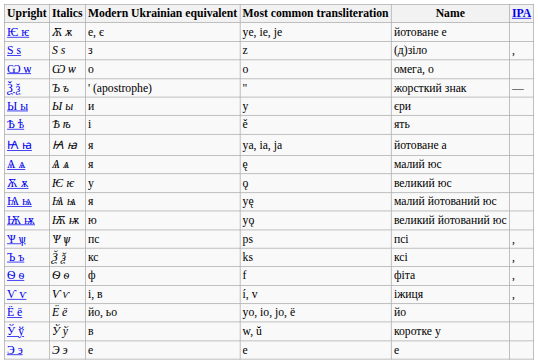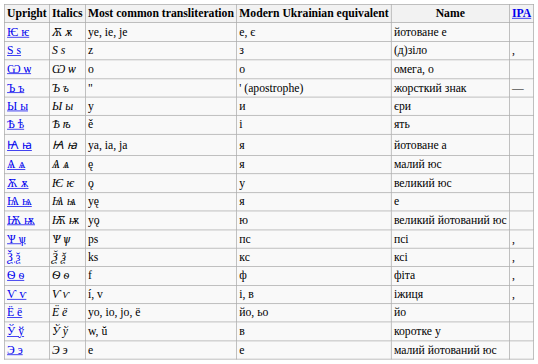 <table class="wikitable">
 <tr>
 <th>Upright</th>
 <th>Italics</th>
+<th>Most common transliteration</th>
 <th>Modern Ukrainian equivalent</th>
-<th>Most common transliteration</th>
 <th>Name</th>
 <th><a href='#'>IPA</a></th>
 </tr>
 <tr>
 <td><a href='#'>Ѥ ѥ</a></td>
 <td><em>Ѫ ѫ</em></td>
+<td>ye, ie, je</td>
 <td>е, є</td>
-<td>ye, ie, je</td>
 <td>йотоване е</td>
 <td></td>
 </tr>
 <tr>
 <td><a href='#'>Ѕ ѕ</a></td>
 <td><em>Ѕ ѕ</em></td>
+<td>z</td>
 <td>з</td>
-<td>z</td>
 <td>(д)зіло</td>
 <td>, </td>
 </tr>
 <tr>
 <td><a href='#'>Ѡ ѡ</a></td>
 <td><em>Ѡ ѡ</em></td>
+<td>o</td>
 <td>о</td>
-<td>o</td>
 <td>омега, о</td>
 <td></td>
 </tr>
 <tr>
-<td><a href='#'>Ѯ ѯ</a></td>
+<td><a href='#'>Ъ ъ</a></td>
 <td><em>Ъ ъ</em></td>
+<td>"</td>
 <td>' (apostrophe)</td>
-<td>"</td>
 <td>жорсткий знак</td>
 <td>—</td>
 </tr>
 <tr>
 <td><a href='#'>Ы ы</a></td>
 <td><em>Ы ы</em></td>
+<td>y</td>
 <td>и</td>
-<td>y</td>
 <td>єри</td>
 <td></td>
 </tr>
 <tr>
 <td><a href='#'>Ѣ ѣ</a></td>
 <td><em>Ѣ ѣ</em></td>
+<td>ě</td>
 <td>і</td>
-<td>ě</td>
 <td>ять</td>
 <td></td>
 </tr>
 <tr>
 <td><a href='#'>Ꙗ ꙗ</a></td>
 <td><em>Ꙗ ꙗ</em></td>
+<td>ya, ia, ja</td>
 <td>я</td>
-<td>ya, ia, ja</td>
 <td>йотоване а</td>
 <td></td>
 </tr>
 <tr>
 <td><a href='#'>Ѧ ѧ</a></td>
 <td><em>Ѧ ѧ</em></td>
+<td>ę</td>
 <td>я</td>
-<td>ę</td>
 <td>малий юс</td>
 <td></td>
 </tr>
 <tr>
 <td><a href='#'>Ѫ ѫ</a></td>
 <td><em>Ѥ ѥ</em></td>
+<td>ǫ</td>
 <td>у</td>
-<td>ǫ</td>
 <td>великий юс</td>
 <td></td>
 </tr>
 <tr>
 <td><a href='#'>Ѩ ѩ</a></td>
 <td><em>Ѩ ѩ</em></td>
+<td>yę</td>
 <td>я</td>
-<td>yę</td>
-<td>малий йотований юс</td>
+<td>e</td>
 <td></td>
 </tr>
 <tr>
 <td><a href='#'>Ѭ ѭ</a></td>
 <td><em>Ѭ ѭ</em></td>
+<td>yǫ</td>
 <td>ю</td>
-<td>yǫ</td>
 <td>великий йотований юс</td>
 <td></td>
 </tr>
 <tr>
 <td><a href='#'>Ѱ ѱ</a></td>
 <td><em>Ѱ ѱ</em></td>
+<td>ps</td>
 <td>пс</td>
-<td>ps</td>
 <td>псі</td>
 <td>, </td>
 </tr>
 <tr>
-<td><a href='#'>Ъ ъ</a></td>
+<td><a href='#'>Ѯ ѯ</a></td>
 <td><em>Ѯ ѯ</em></td>
+<td>ks</td>
 <td>кс</td>
-<td>ks</td>
 <td>ксі</td>
 <td>, </td>
 </tr>
 <tr>
 <td><a href='#'>Ѳ ѳ</a></td>
 <td><em>Ѳ ѳ</em></td>
+<td>f</td>
 <td>ф</td>
-<td>f</td>
 <td>фіта</td>
 <td>, </td>
 </tr>
 <tr>
 <td><a href='#'>Ѵ ѵ</a></td>
 <td><em>Ѵ ѵ</em></td>
+<td>í, v</td>
 <td>і, в</td>
-<td>í, v</td>
 <td>іжиця</td>
 <td>, </td>
 </tr>
 <tr>
 <td><a href='#'>Ё ё</a></td>
 <td><em>Ё ё</em></td>
+<td>yo, io, jo, ë</td>
 <td>йо, ьо</td>
-<td>yo, io, jo, ë</td>
 <td>йо</td>
 <td></td>
 </tr>
 <tr>
 <td><a href='#'>Ў ў</a></td>
 <td><em>Ў ў</em></td>
+<td>w, ŭ</td>
 <td>в</td>
-<td>w, ŭ</td>
 <td>коротке у</td>
 <td></td>
 </tr>
 <tr>
 <td><a href='#'>Э э</a></td>
 <td><em>Э э</em></td>
 <td>e</td>
 <td>e</td>
-<td>e</td>
+<td>малий йотований юс</td>
 <td></td>
 </tr>
 </table>
